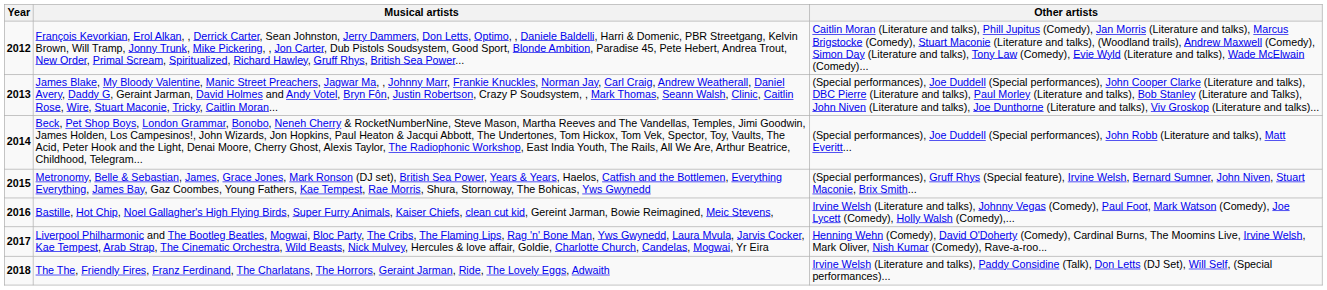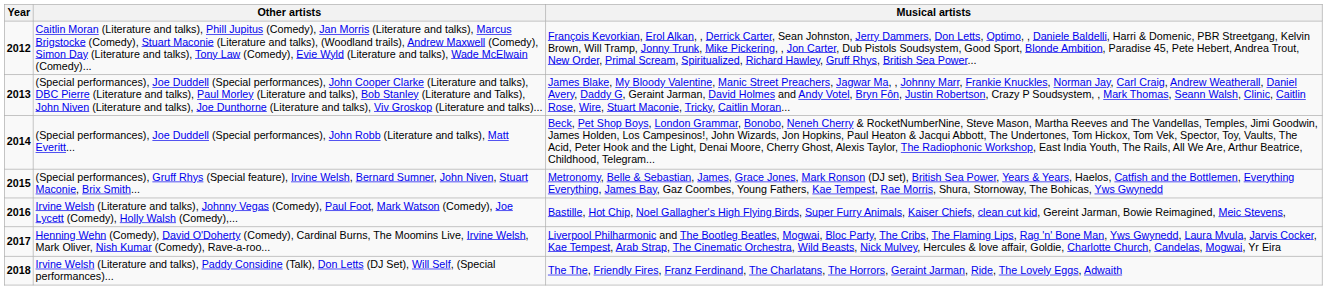 <table class="wikitable">
 <tr>
 <th>Year</th>
+<th>Other artists</th>
 <th>Musical artists</th>
-<th>Other artists</th>
 </tr>
 <tr>
 <td><strong>2012</strong></td>
+<td><a href='#'>Caitlin Moran</a> (Literature and talks), <a href='#'>Phill Jupitus</a> (Comedy), <a href='#'>Jan Morris</a> (Literature and talks), <a href='#'>Marcus Brigstocke</a> (Comedy), <a href='#'>Stuart Maconie</a> (Literature and talks),  (Woodland trails), <a href='#'>Andrew Maxwell</a> (Comedy), <a href='#'>Simon Day</a> (Literature and talks), <a href='#'>Tony Law</a> (Comedy), <a href='#'>Evie Wyld</a> (Literature and talks), <a href='#'>Wade McElwain</a> (Comedy)...</td>
 <td><a href='#'>François Kevorkian</a>, <a href='#'>Erol Alkan</a>, , <a href='#'>Derrick Carter</a>, Sean Johnston, <a href='#'>Jerry Dammers</a>, <a href='#'>Don Letts</a>, <a href='#'>Optimo</a>, , <a href='#'>Daniele Baldelli</a>, Harri & Domenic, PBR Streetgang, Kelvin Brown, Will Tramp, <a href='#'>Jonny Trunk</a>, <a href='#'>Mike Pickering</a>, , <a href='#'>Jon Carter</a>, Dub Pistols Soudsystem, Good Sport, <a href='#'>Blonde Ambition</a>, Paradise 45, Pete Hebert, Andrea Trout, <a href='#'>New Order</a>, <a href='#'>Primal Scream</a>, <a href='#'>Spiritualized</a>, <a href='#'>Richard Hawley</a>, <a href='#'>Gruff Rhys</a>, <a href='#'>British Sea Power</a>...</td>
-<td><a href='#'>Caitlin Moran</a> (Literature and talks), <a href='#'>Phill Jupitus</a> (Comedy), <a href='#'>Jan Morris</a> (Literature and talks), <a href='#'>Marcus Brigstocke</a> (Comedy), <a href='#'>Stuart Maconie</a> (Literature and talks),  (Woodland trails), <a href='#'>Andrew Maxwell</a> (Comedy), <a href='#'>Simon Day</a> (Literature and talks), <a href='#'>Tony Law</a> (Comedy), <a href='#'>Evie Wyld</a> (Literature and talks), <a href='#'>Wade McElwain</a> (Comedy)...</td>
 </tr>
 <tr>
 <td><strong>2013</strong></td>
+<td> (Special performances), <a href='#'>Joe Duddell</a> (Special performances), <a href='#'>John Cooper Clarke</a> (Literature and talks), <a href='#'>DBC Pierre</a> (Literature and talks), <a href='#'>Paul Morley</a> (Literature and talks), <a href='#'>Bob Stanley</a> (Literature and Talks), <a href='#'>John Niven</a> (Literature and talks), <a href='#'>Joe Dunthorne</a> (Literature and talks), <a href='#'>Viv Groskop</a> (Literature and talks)...</td>
 <td><a href='#'>James Blake</a>, <a href='#'>My Bloody Valentine</a>, <a href='#'>Manic Street Preachers</a>, <a href='#'>Jagwar Ma</a>, , <a href='#'>Johnny Marr</a>, <a href='#'>Frankie Knuckles</a>, <a href='#'>Norman Jay</a>, <a href='#'>Carl Craig</a>, <a href='#'>Andrew Weatherall</a>, <a href='#'>Daniel Avery</a>, <a href='#'>Daddy G</a>, Geraint Jarman, <a href='#'>David Holmes</a> and <a href='#'>Andy Votel</a>, <a href='#'>Bryn Fôn</a>, <a href='#'>Justin Robertson</a>, Crazy P Soudsystem, , <a href='#'>Mark Thomas</a>, <a href='#'>Seann Walsh</a>, <a href='#'>Clinic</a>, <a href='#'>Caitlin Rose</a>, <a href='#'>Wire</a>, <a href='#'>Stuart Maconie</a>, <a href='#'>Tricky</a>, <a href='#'>Caitlin Moran</a>...</td>
-<td> (Special performances), <a href='#'>Joe Duddell</a> (Special performances), <a href='#'>John Cooper Clarke</a> (Literature and talks), <a href='#'>DBC Pierre</a> (Literature and talks), <a href='#'>Paul Morley</a> (Literature and talks), <a href='#'>Bob Stanley</a> (Literature and Talks), <a href='#'>John Niven</a> (Literature and talks), <a href='#'>Joe Dunthorne</a> (Literature and talks), <a href='#'>Viv Groskop</a> (Literature and talks)...</td>
 </tr>
 <tr>
 <td><strong>2014</strong></td>
+<td> (Special performances), <a href='#'>Joe Duddell</a> (Special performances), <a href='#'>John Robb</a> (Literature and talks), <a href='#'>Matt Everitt</a>...</td>
 <td><a href='#'>Beck</a>, <a href='#'>Pet Shop Boys</a>, <a href='#'>London Grammar</a>, <a href='#'>Bonobo</a>, <a href='#'>Neneh Cherry</a> & RocketNumberNine, Steve Mason, Martha Reeves and The Vandellas, Temples, Jimi Goodwin, James Holden, Los Campesinos!, John Wizards, Jon Hopkins, Paul Heaton & Jacqui Abbott, The Undertones, Tom Hickox, Tom Vek, Spector, Toy, Vaults, The Acid, Peter Hook and the Light, Denai Moore, Cherry Ghost, Alexis Taylor, <a href='#'>The Radiophonic Workshop</a>, East India Youth, The Rails, All We Are, Arthur Beatrice, Childhood, Telegram...</td>
-<td> (Special performances), <a href='#'>Joe Duddell</a> (Special performances), <a href='#'>John Robb</a> (Literature and talks), <a href='#'>Matt Everitt</a>...</td>
 </tr>
 <tr>
 <td><strong>2015</strong></td>
+<td> (Special performances), <a href='#'>Gruff Rhys</a> (Special feature), <a href='#'>Irvine Welsh</a>, <a href='#'>Bernard Sumner</a>, <a href='#'>John Niven</a>, <a href='#'>Stuart Maconie</a>, <a href='#'>Brix Smith</a>...</td>
 <td><a href='#'>Metronomy</a>, <a href='#'>Belle & Sebastian</a>, <a href='#'>James</a>, <a href='#'>Grace Jones</a>, <a href='#'>Mark Ronson</a> (DJ set), <a href='#'>British Sea Power</a>, <a href='#'>Years & Years</a>, Haelos, <a href='#'>Catfish and the Bottlemen</a>, <a href='#'>Everything Everything</a>, <a href='#'>James Bay</a>, Gaz Coombes, Young Fathers, <a href='#'>Kae Tempest</a>, <a href='#'>Rae Morris</a>, Shura, Stornoway, The Bohicas, <a href='#'>Yws Gwynedd</a></td>
-<td> (Special performances), <a href='#'>Gruff Rhys</a> (Special feature), <a href='#'>Irvine Welsh</a>, <a href='#'>Bernard Sumner</a>, <a href='#'>John Niven</a>, <a href='#'>Stuart Maconie</a>, <a href='#'>Brix Smith</a>...</td>
 </tr>
 <tr>
 <td><strong>2016</strong></td>
+<td><a href='#'>Irvine Welsh</a> (Literature and talks), <a href='#'>Johnny Vegas</a> (Comedy), <a href='#'>Paul Foot</a>, <a href='#'>Mark Watson</a> (Comedy), <a href='#'>Joe Lycett</a> (Comedy), <a href='#'>Holly Walsh</a> (Comedy),...</td>
 <td><a href='#'>Bastille</a>, <a href='#'>Hot Chip</a>, <a href='#'>Noel Gallagher's High Flying Birds</a>, <a href='#'>Super Furry Animals</a>, <a href='#'>Kaiser Chiefs</a>, <a href='#'>clean cut kid</a>, Gereint Jarman, Bowie Reimagined, <a href='#'>Meic Stevens</a>,</td>
-<td><a href='#'>Irvine Welsh</a> (Literature and talks), <a href='#'>Johnny Vegas</a> (Comedy), <a href='#'>Paul Foot</a>, <a href='#'>Mark Watson</a> (Comedy), <a href='#'>Joe Lycett</a> (Comedy), <a href='#'>Holly Walsh</a> (Comedy),...</td>
 </tr>
 <tr>
 <td><strong>2017</strong></td>
+<td><a href='#'>Henning Wehn</a> (Comedy), <a href='#'>David O'Doherty</a> (Comedy), Cardinal Burns, The Moomins Live, <a href='#'>Irvine Welsh</a>, Mark Oliver, <a href='#'>Nish Kumar</a> (Comedy), Rave-a-roo...</td>
 <td><a href='#'>Liverpool Philharmonic</a> and <a href='#'>The Bootleg Beatles</a>, <a href='#'>Mogwai</a>, <a href='#'>Bloc Party</a>, <a href='#'>The Cribs</a>, <a href='#'>The Flaming Lips</a>, <a href='#'>Rag 'n' Bone Man</a>, <a href='#'>Yws Gwynedd</a>, <a href='#'>Laura Mvula</a>, <a href='#'>Jarvis Cocker</a>, <a href='#'>Kae Tempest</a>, <a href='#'>Arab Strap</a>, <a href='#'>The Cinematic Orchestra</a>, <a href='#'>Wild Beasts</a>, <a href='#'>Nick Mulvey</a>, Hercules & love affair, Goldie, <a href='#'>Charlotte Church</a>, <a href='#'>Candelas</a>, <a href='#'>Mogwai</a>, Yr Eira</td>
-<td><a href='#'>Henning Wehn</a> (Comedy), <a href='#'>David O'Doherty</a> (Comedy), Cardinal Burns, The Moomins Live, <a href='#'>Irvine Welsh</a>, Mark Oliver, <a href='#'>Nish Kumar</a> (Comedy), Rave-a-roo...</td>
 </tr>
 <tr>
 <td><strong>2018</strong></td>
+<td><a href='#'>Irvine Welsh</a> (Literature and talks), <a href='#'>Paddy Considine</a> (Talk), <a href='#'>Don Letts</a> (DJ Set), <a href='#'>Will Self</a>,  (Special performances)...</td>
 <td><a href='#'>The The</a>, <a href='#'>Friendly Fires</a>, <a href='#'>Franz Ferdinand</a>, <a href='#'>The Charlatans</a>, <a href='#'>The Horrors</a>, <a href='#'>Geraint Jarman</a>, <a href='#'>Ride</a>, <a href='#'>The Lovely Eggs</a>, <a href='#'>Adwaith</a></td>
-<td><a href='#'>Irvine Welsh</a> (Literature and talks), <a href='#'>Paddy Considine</a> (Talk), <a href='#'>Don Letts</a> (DJ Set), <a href='#'>Will Self</a>,  (Special performances)...</td>
 </tr>
 </table>
